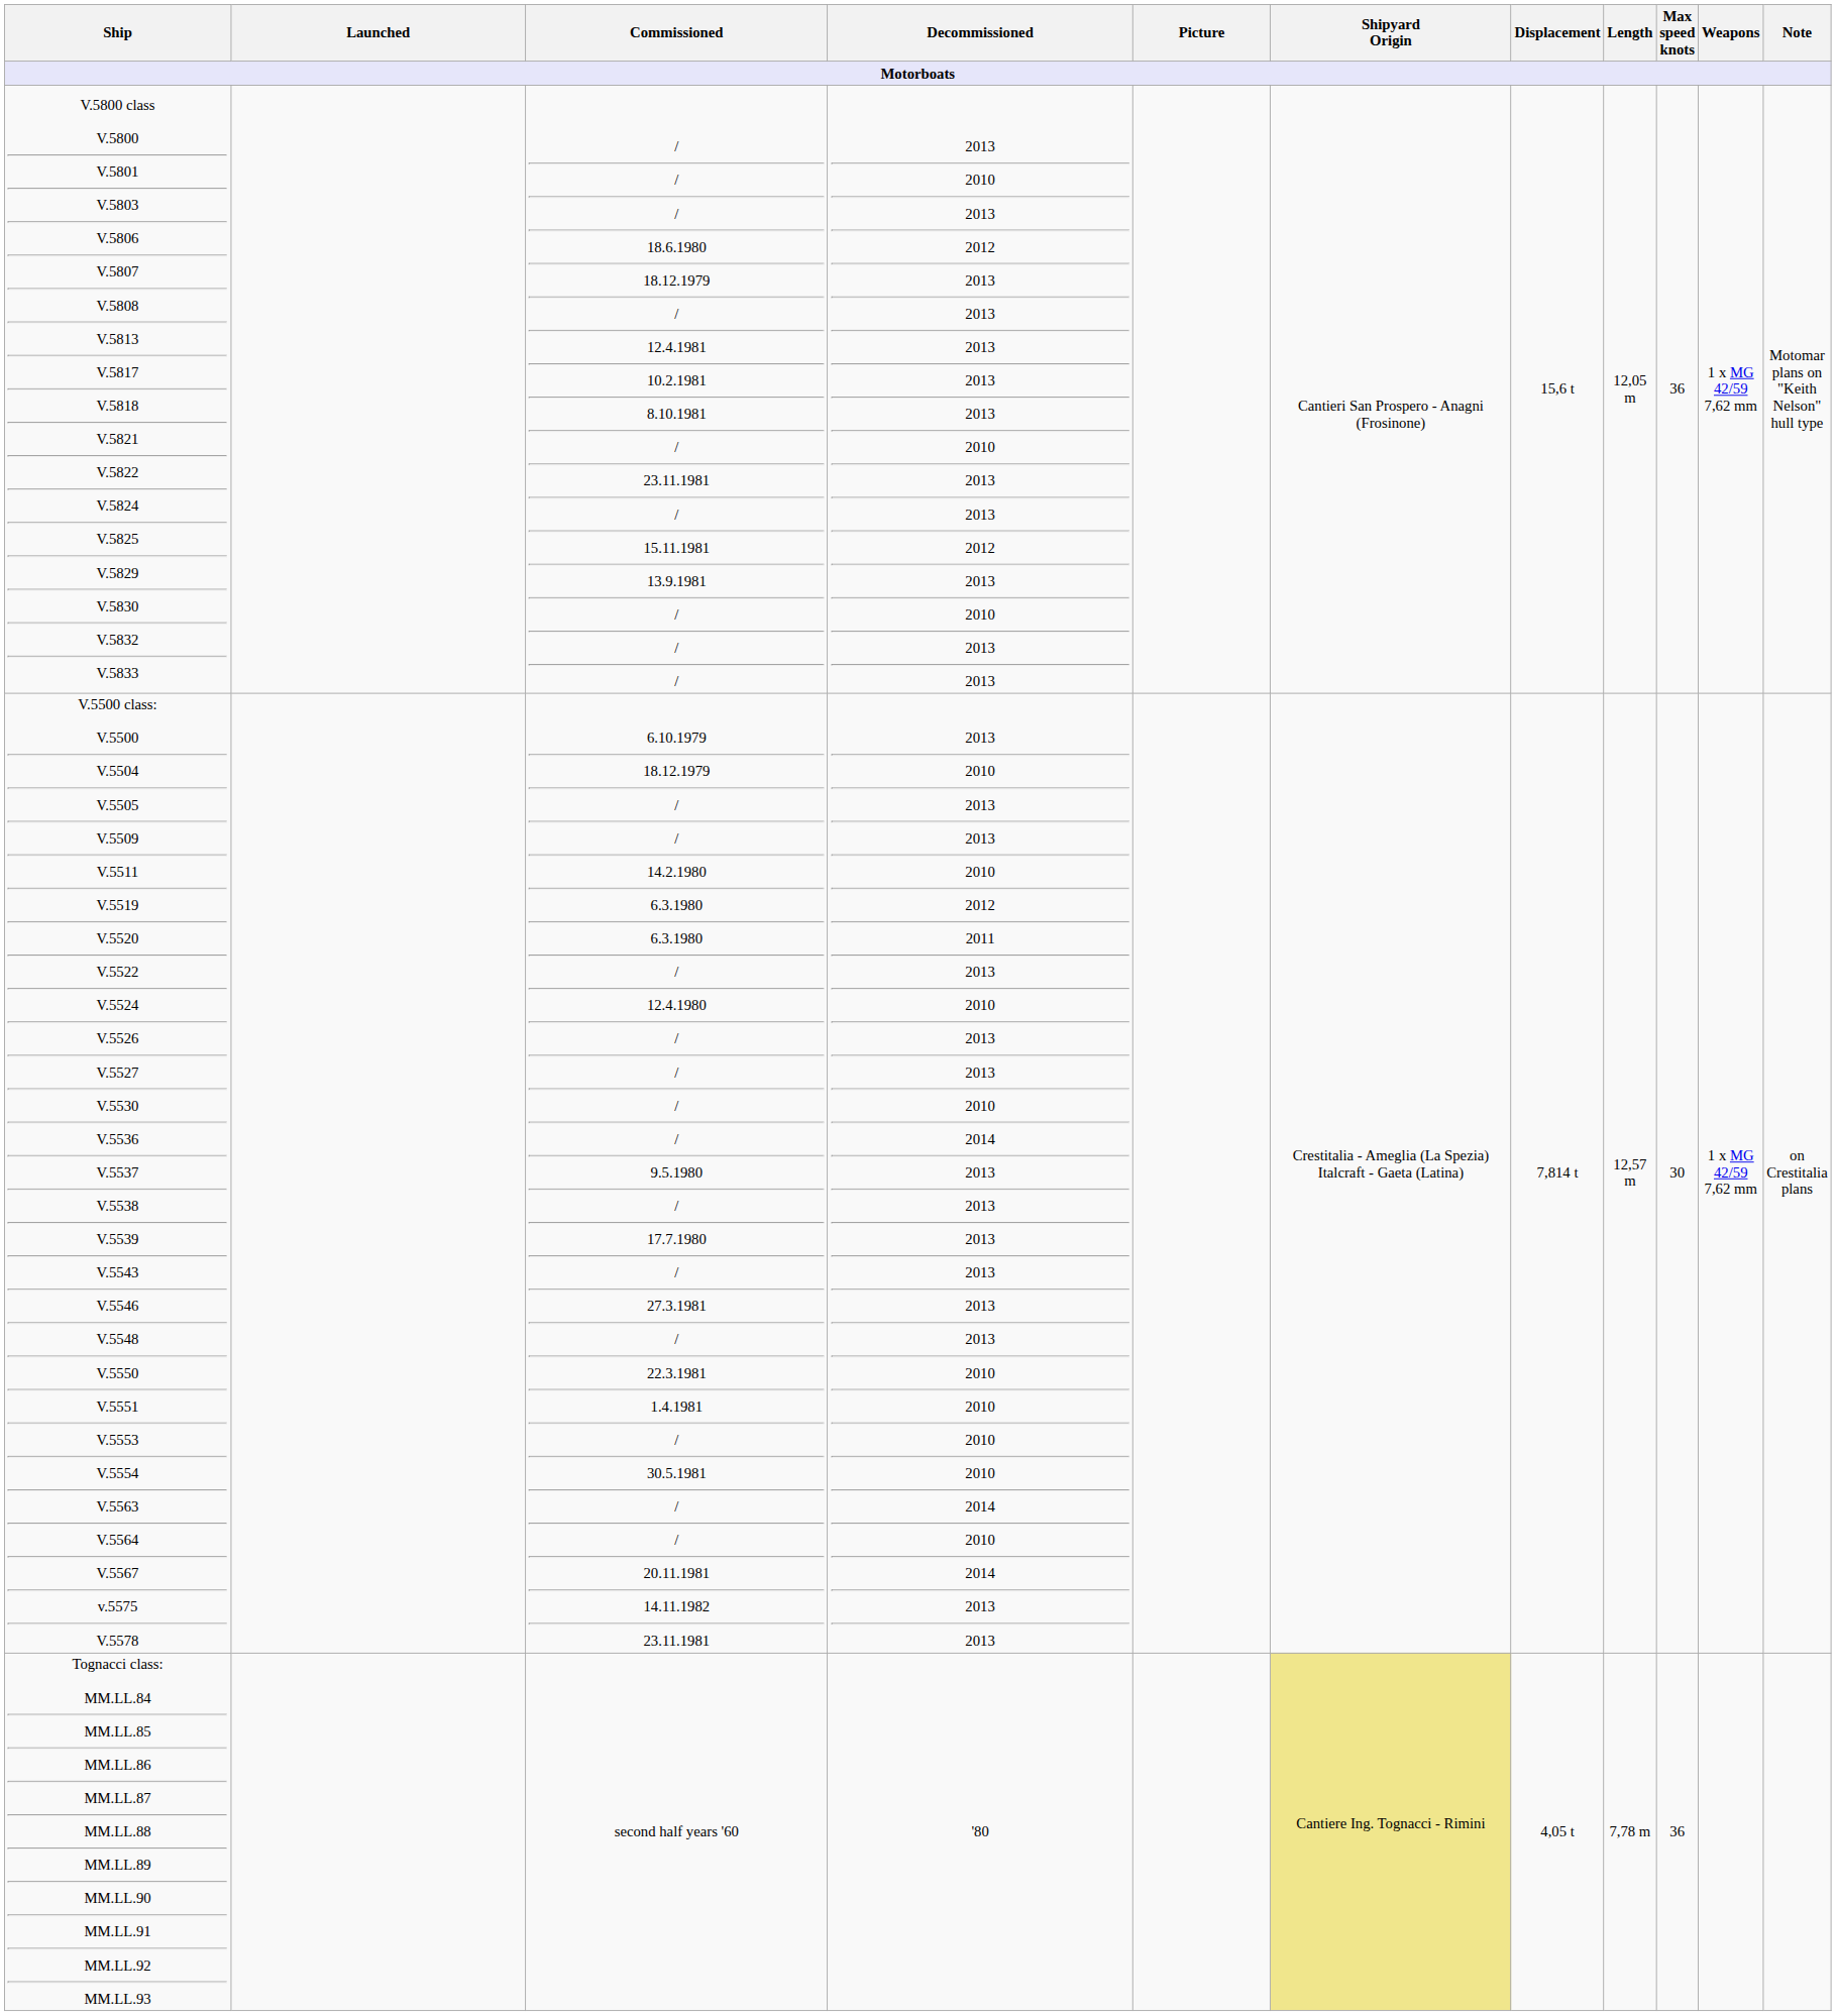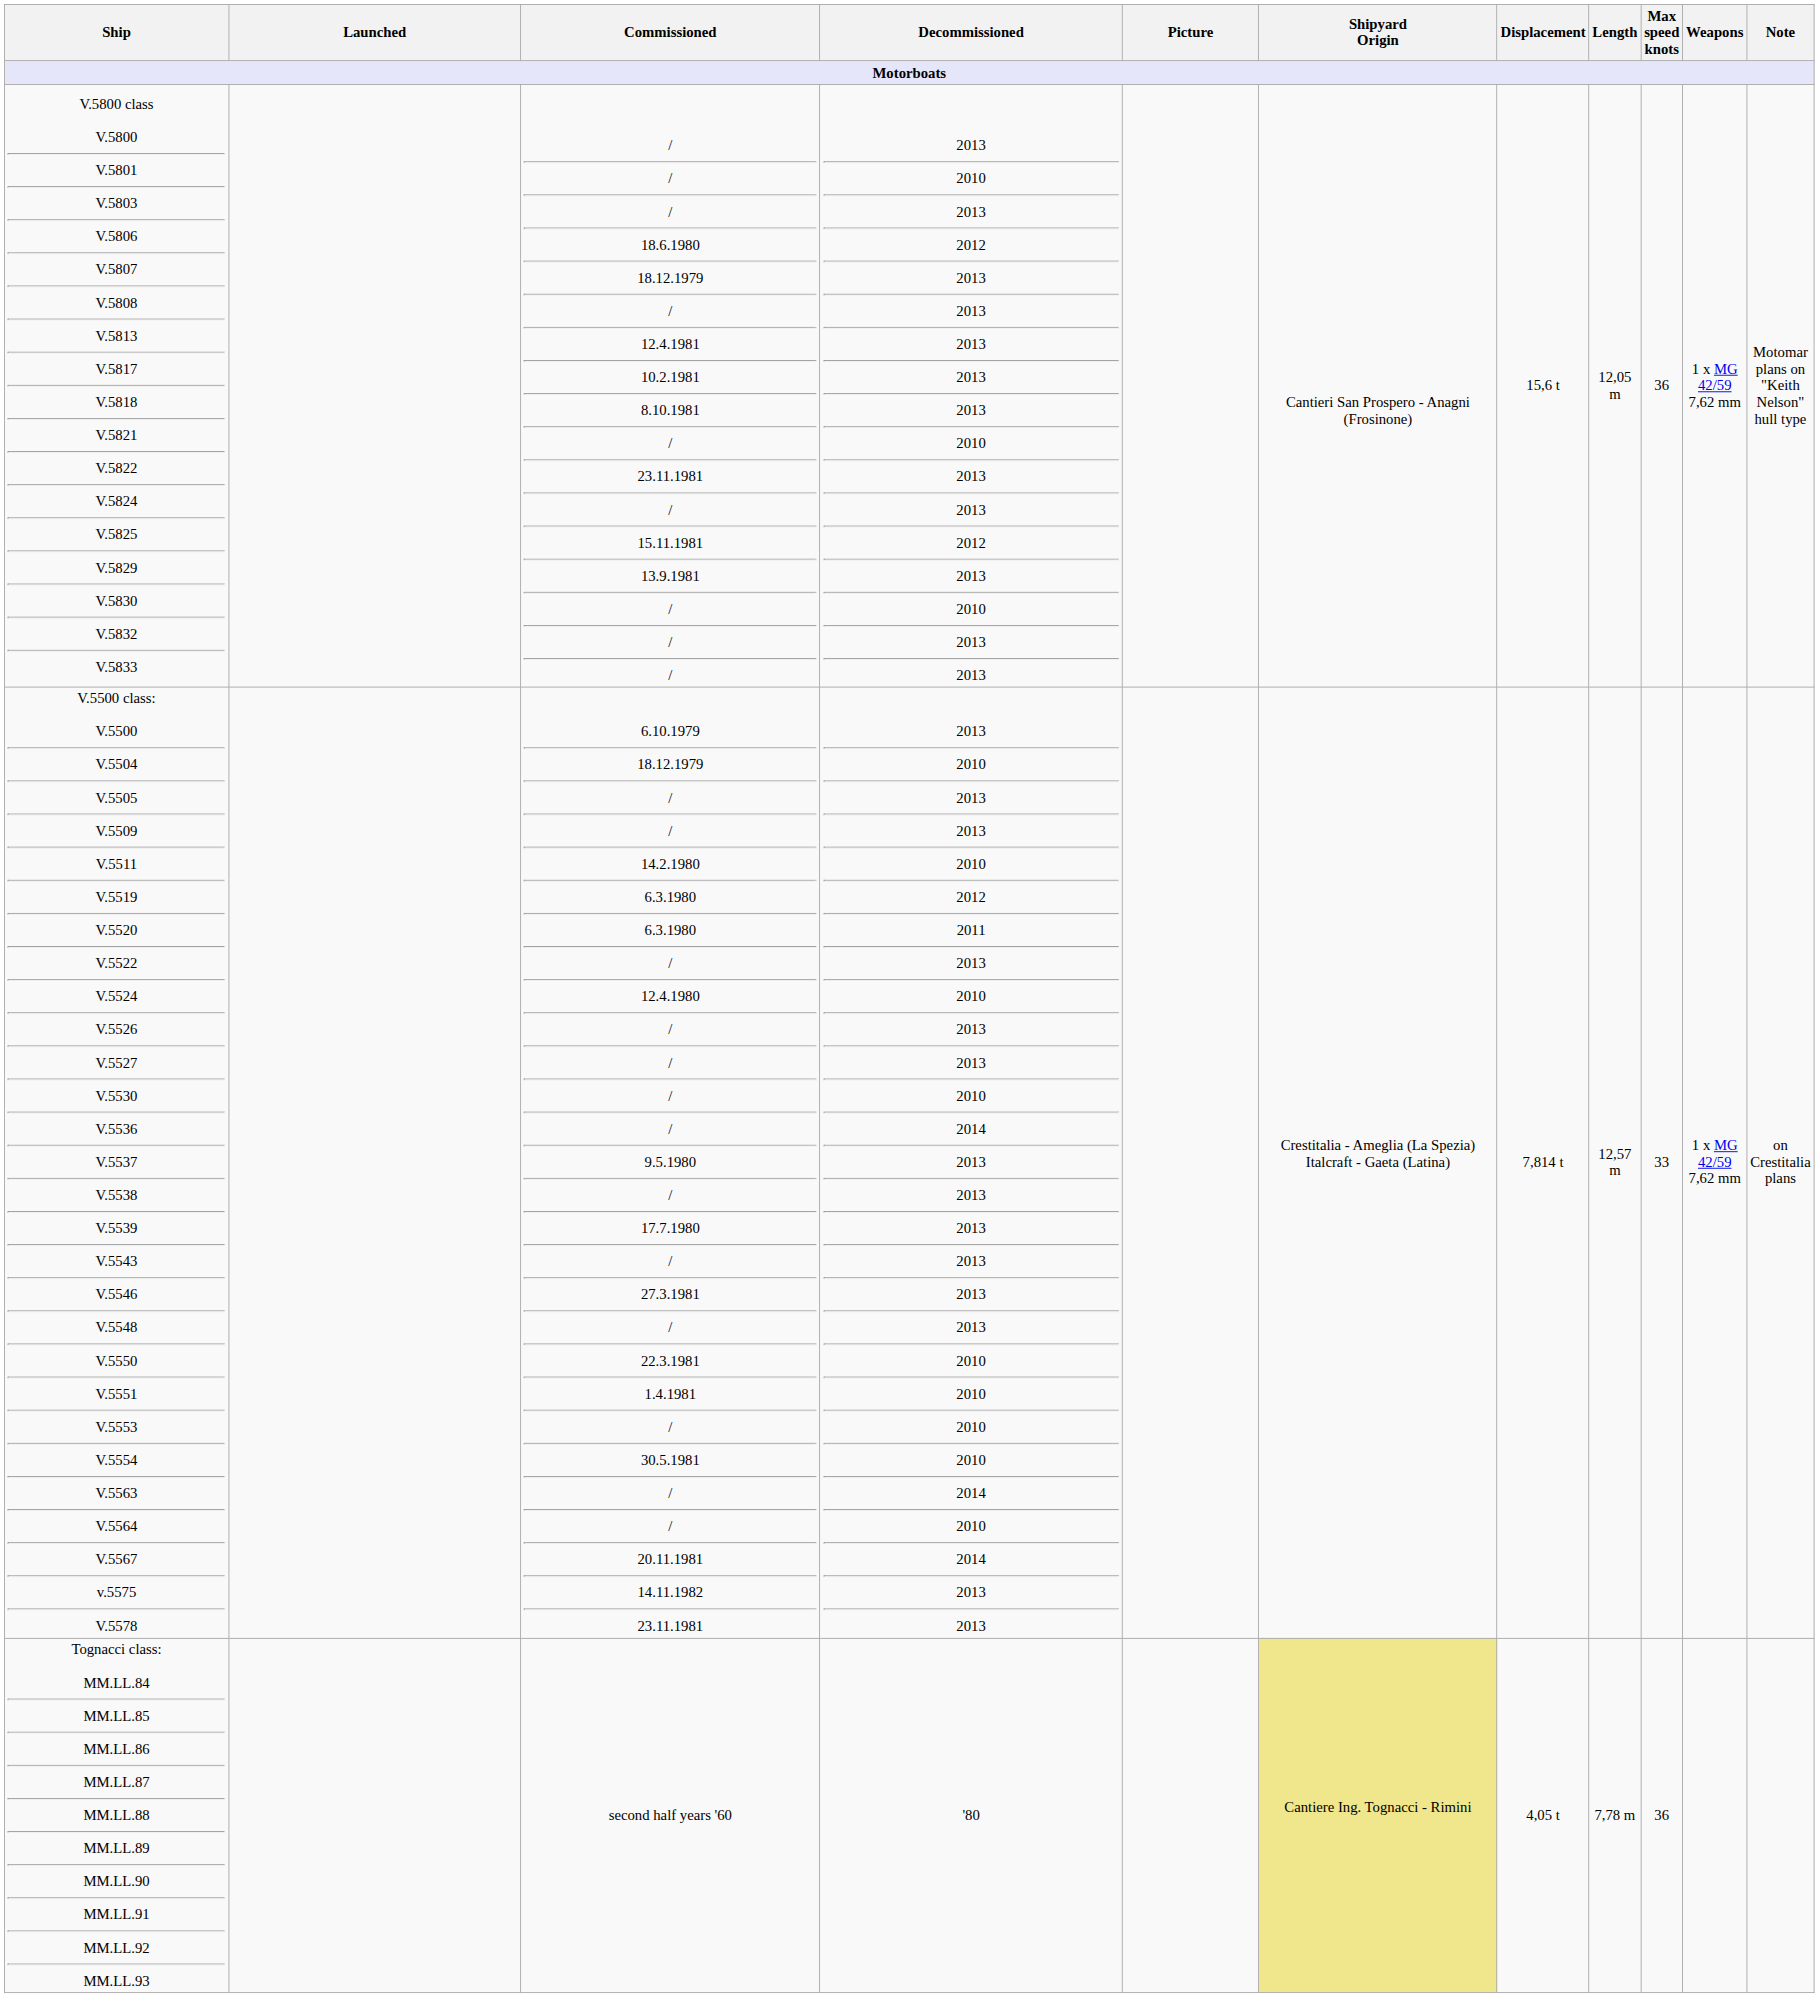 <table class="wikitable" style="text-align:center;">
 <tr>
 <th style="text-align:central; width:15%;">Ship</th>
 <th style="text-align:central; width:20%;">Launched<br></th>
 <th style="text-align:central; width:20%;">Commissioned<br></th>
 <th style="text-align:central; width:20%;">Decommissioned<br></th>
 <th style="text-align:central; width:9%;">Picture</th>
 <th style="text-align:central; width:24%;">Shipyard<br>Origin</th>
 <th style="text-align:central; width:15%;">Displacement<br></th>
 <th style="text-align:central; width:15%;">Length<br></th>
 <th style="text-align:central; width:15%;">Max<br>speed<br>knots</th>
 <th style="text-align:central; width:20%;">Weapons</th>
 <th style="text-align:central; width:20%;">Note</th>
 </tr>
 <tr>
 <th colspan="11" style="background: lavender;">Motorboats</th>
 </tr>
 <tr>
 <td>V.5800 class<br><br>V.5800<hr>V.5801<hr>V.5803<hr>V.5806<hr>V.5807<hr>V.5808<hr>V.5813<hr>V.5817<hr>V.5818<hr>V.5821<hr>V.5822<hr>V.5824<hr>V.5825<hr>V.5829<hr>V.5830<hr>V.5832<hr>V.5833</td>
 <td></td>
 <td><br><br><br>/<hr>/<hr>/<hr>18.6.1980<hr>18.12.1979<hr>/<hr>12.4.1981<hr>10.2.1981<hr>8.10.1981<hr>/<hr>23.11.1981<hr>/<hr>15.11.1981<hr>13.9.1981<hr>/<hr>/<hr>/</td>
 <td><br><br><br>2013<hr>2010<hr>2013<hr>2012<hr>2013<hr>2013<hr>2013<hr>2013<hr>2013<hr>2010<hr>2013<hr>2013<hr>2012<hr>2013<hr>2010<hr>2013<hr>2013</td>
 <td></td>
 <td><br> <br><br><br>Cantieri San Prospero - Anagni (Frosinone)<br><br></td>
 <td>15,6 t</td>
 <td>12,05 m</td>
 <td>36</td>
 <td>1 x <a href='#'>MG 42/59</a> 7,62 mm</td>
 <td>Motomar plans on "Keith Nelson" hull type</td>
 </tr>
 <tr>
 <td>V.5500 class:<br><br>V.5500<hr>V.5504<hr>V.5505<hr>V.5509<hr>V.5511<hr>V.5519<hr>V.5520<hr>V.5522<hr>V.5524<hr>V.5526<hr>V.5527<hr>V.5530<hr>V.5536<hr>V.5537<hr>V.5538<hr>V.5539<hr>V.5543<hr>V.5546<hr>V.5548<hr>V.5550<hr>V.5551<hr>V.5553<hr>V.5554<hr>V.5563<hr>V.5564<hr>V.5567<hr>v.5575<hr>V.5578</td>
 <td></td>
 <td><br><br>6.10.1979<hr>18.12.1979<hr>/<hr>/<hr>14.2.1980<hr>6.3.1980<hr>6.3.1980<hr>/<hr>12.4.1980<hr>/<hr>/<hr>/<hr>/<hr>9.5.1980<hr>/<hr>17.7.1980<hr>/<hr>27.3.1981<hr>/<hr>22.3.1981<hr>1.4.1981<hr>/<hr>30.5.1981<hr>/<hr>/<hr>20.11.1981<hr>14.11.1982<hr>23.11.1981</td>
 <td><br><br>2013<hr>2010<hr>2013 <hr>2013<hr>2010<hr>2012<hr>2011<hr>2013<hr>2010<hr>2013<hr>2013<hr>2010<hr>2014<hr>2013<hr>2013<hr>2013<hr>2013<hr>2013<hr>2013<hr>2010<hr>2010<hr>2010<hr>2010<hr>2014<hr>2010<hr>2014<hr>2013<hr>2013</td>
 <td></td>
 <td>Crestitalia - Ameglia (La Spezia)<br>Italcraft - Gaeta (Latina)<br><br></td>
 <td>7,814 t</td>
 <td>12,57 m</td>
-<td>30</td>
+<td>33</td>
 <td>1 x <a href='#'>MG 42/59</a> 7,62 mm</td>
 <td>on Crestitalia plans</td>
 </tr>
 <tr>
 <td>Tognacci class:<br><br>MM.LL.84<hr>MM.LL.85<hr>MM.LL.86<hr>MM.LL.87<hr>MM.LL.88<hr>MM.LL.89<hr>MM.LL.90<hr>MM.LL.91<hr>MM.LL.92<hr>MM.LL.93</td>
 <td></td>
 <td>second half years '60</td>
 <td>'80</td>
 <td></td>
 <td style="background: khaki;">Cantiere Ing. Tognacci - Rimini<br><br></td>
 <td>4,05 t</td>
 <td>7,78 m</td>
 <td>36</td>
 <td></td>
 <td></td>
 </tr>
 </table>
